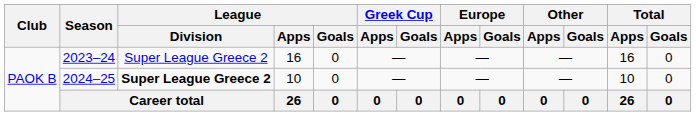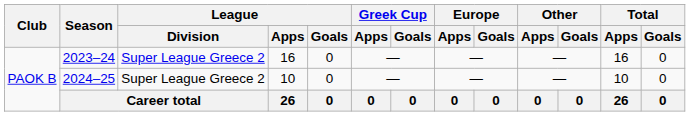 <table class="wikitable" style="text-align: center;">
 <tr>
 <th rowspan="2">Club</th>
 <th rowspan="2">Season</th>
 <th colspan="3">League</th>
 <th colspan="2"><a href='#'>Greek Cup</a></th>
 <th colspan="2">Europe</th>
 <th colspan="2">Other</th>
 <th colspan="2">Total</th>
 </tr>
 <tr>
 <th>Division</th>
 <th>Apps</th>
 <th>Goals</th>
 <th>Apps</th>
 <th>Goals</th>
 <th>Apps</th>
 <th>Goals</th>
 <th>Apps</th>
 <th>Goals</th>
 <th>Apps</th>
 <th>Goals</th>
 </tr>
 <tr>
 <td rowspan="3"><a href='#'>PAOK B</a></td>
 <td><a href='#'>2023–24</a></td>
 <td><a href='#'>Super League Greece 2</a></td>
 <td>16</td>
 <td>0</td>
 <td colspan="2">—</td>
 <td colspan="2">—</td>
 <td colspan="2">—</td>
 <td>16</td>
 <td>0</td>
 </tr>
 <tr>
 <td><a href='#'>2024–25</a></td>
-<td><strong>Super League Greece 2</strong></td>
+<td>Super League Greece 2</td>
 <td>10</td>
 <td>0</td>
 <td colspan="2">—</td>
 <td colspan="2">—</td>
 <td colspan="2">—</td>
 <td>10</td>
 <td>0</td>
 </tr>
 <tr>
 <th colspan="2">Career total</th>
 <th>26</th>
 <th>0</th>
 <th>0</th>
 <th>0</th>
 <th>0</th>
 <th>0</th>
 <th>0</th>
 <th>0</th>
 <th>26</th>
 <th>0</th>
 </tr>
 </table>
